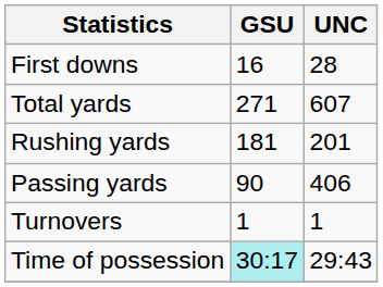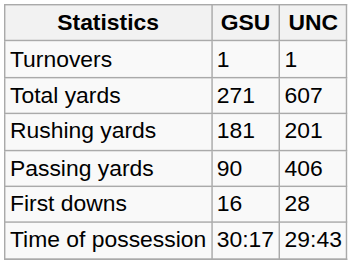 <table class="wikitable">
 <tr>
 <th>Statistics</th>
 <th>GSU</th>
 <th>UNC</th>
 </tr>
 <tr>
-<td>First downs</td>
-<td>16</td>
-<td>28</td>
+<td>Turnovers</td>
+<td>1</td>
+<td>1</td>
 </tr>
 <tr>
 <td>Total yards</td>
 <td>271</td>
 <td>607</td>
 </tr>
 <tr>
 <td>Rushing yards</td>
 <td>181</td>
 <td>201</td>
 </tr>
 <tr>
 <td>Passing yards</td>
 <td>90</td>
 <td>406</td>
 </tr>
 <tr>
-<td>Turnovers</td>
-<td>1</td>
-<td>1</td>
+<td>First downs</td>
+<td>16</td>
+<td>28</td>
 </tr>
 <tr>
 <td>Time of possession</td>
-<td style="background: paleturquoise;">30:17</td>
+<td>30:17</td>
 <td>29:43</td>
 </tr>
 <tr>
 </tr>
 </table>
